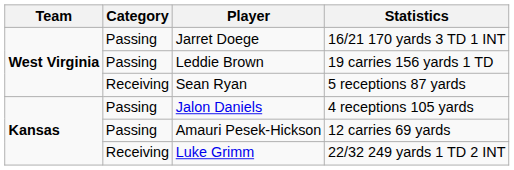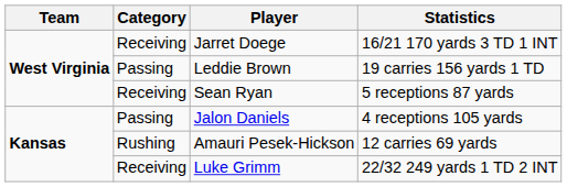 <table class="wikitable" style="float: right;">
 <tr>
 <th>Team</th>
 <th>Category</th>
 <th>Player</th>
 <th>Statistics</th>
 </tr>
 <tr>
 <td rowspan=3><strong>West Virginia</strong></td>
-<td>Passing</td>
+<td>Receiving</td>
 <td>Jarret Doege</td>
 <td>16/21 170 yards 3 TD 1 INT</td>
 </tr>
 <tr>
 <td>Passing</td>
 <td>Leddie Brown</td>
 <td>19 carries 156 yards 1 TD</td>
 </tr>
 <tr>
 <td>Receiving</td>
 <td>Sean Ryan</td>
 <td>5 receptions 87 yards</td>
 </tr>
 <tr>
 <td rowspan=3><strong>Kansas</strong></td>
 <td>Passing</td>
 <td><a href='#'>Jalon Daniels</a></td>
 <td>4 receptions 105 yards</td>
 </tr>
 <tr>
-<td>Passing</td>
+<td>Rushing</td>
 <td>Amauri Pesek-Hickson</td>
 <td>12 carries 69 yards</td>
 </tr>
 <tr>
 <td>Receiving</td>
 <td><a href='#'>Luke Grimm</a></td>
 <td>22/32 249 yards 1 TD 2 INT</td>
 </tr>
 </table>
